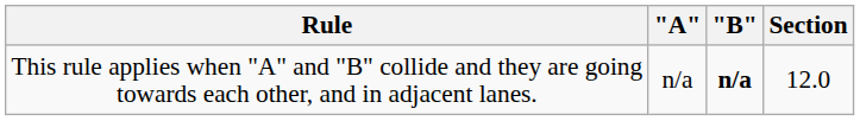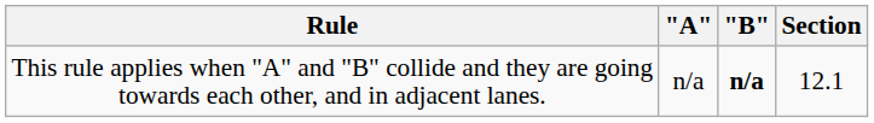 <table class="wikitable">
 <tr>
 <th style="text-align: center;">Rule</th>
 <th style="text-align: center;">"A"</th>
 <th style="text-align: center;">"B"</th>
 <th style="text-align: center;">Section</th>
 </tr>
 <tr>
 <td style="text-align: center;">This rule applies when "A" and "B" collide and they are going<br>towards each other, and in adjacent lanes.</td>
 <td style="text-align: center;">n/a</td>
 <td style="text-align: center;"><strong>n/a</strong></td>
-<td style="text-align: center;">12.0</td>
+<td style="text-align: center;">12.1</td>
 </tr>
 </table>
